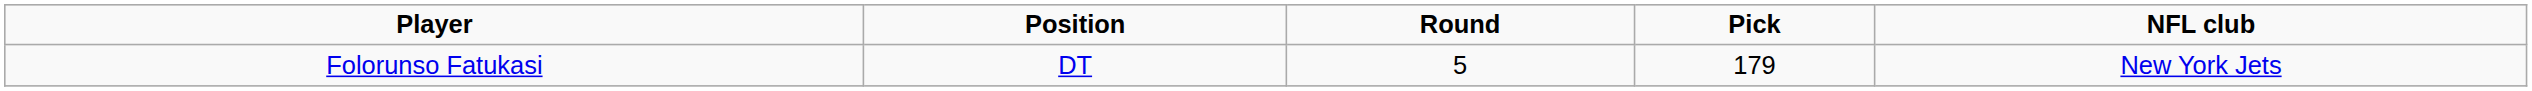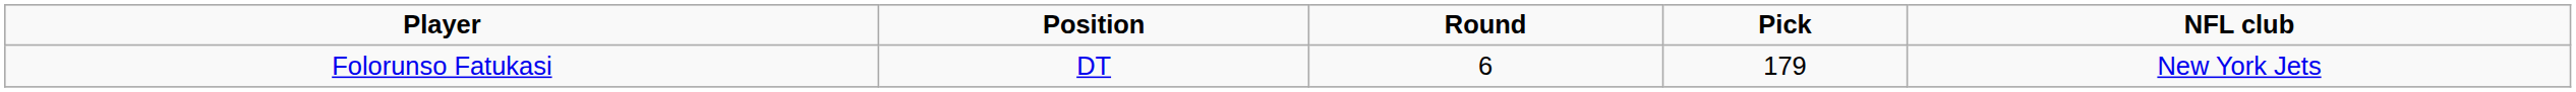 <table class="wikitable" width="80%">
 <tr align="center">
 <td><strong>Player</strong></td>
 <td><strong>Position</strong></td>
 <td><strong>Round</strong></td>
 <td><strong>Pick</strong></td>
 <td><strong>NFL club</strong></td>
 </tr>
 <tr align="center" bgcolor="">
 <td><a href='#'>Folorunso Fatukasi</a></td>
 <td><a href='#'>DT</a></td>
-<td>5</td>
+<td>6</td>
 <td>179</td>
 <td><a href='#'>New York Jets</a></td>
 </tr>
 </table>
